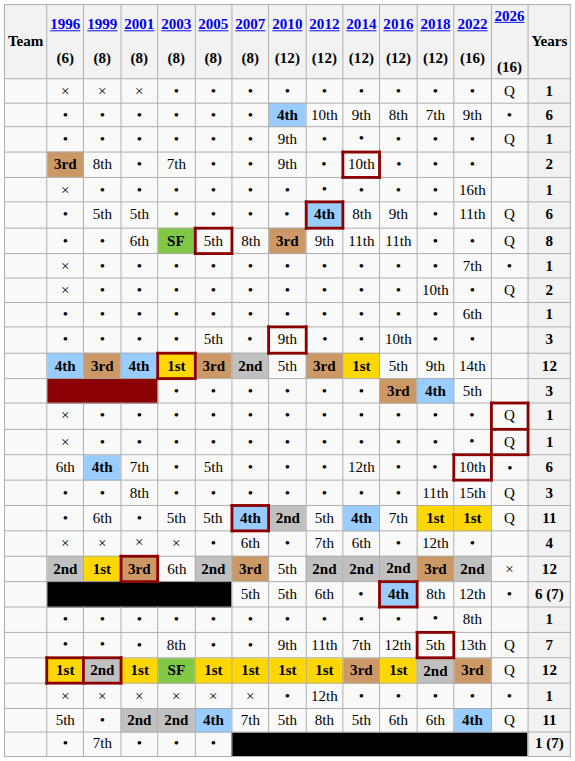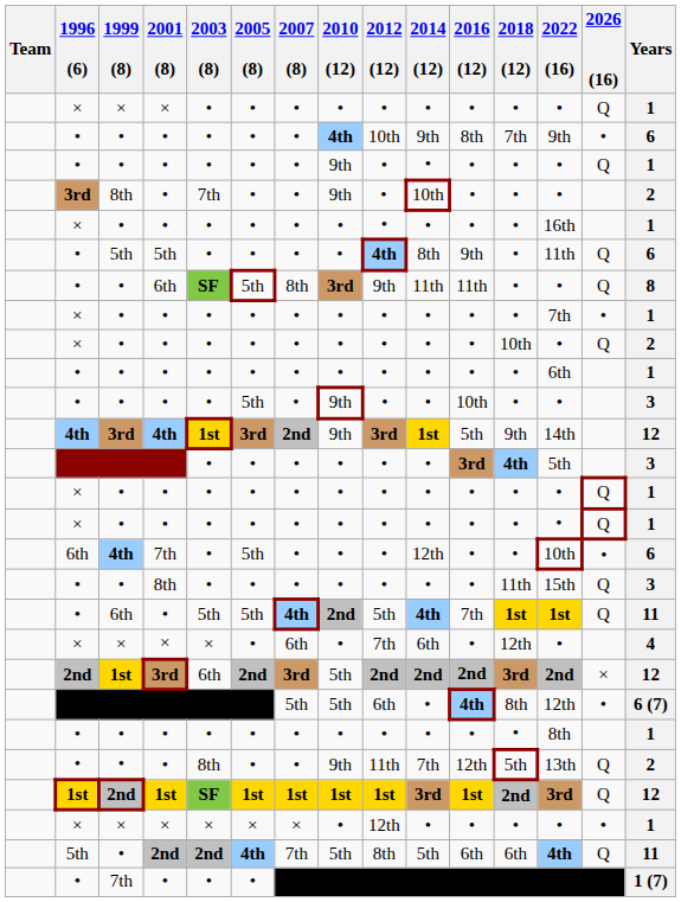 <table class="wikitable" style="text-align: center">
 <tr>
 <th>Team</th>
 <th><a href='#'>1996</a><br><br>(6)</th>
 <th><a href='#'>1999</a><br><br>(8)</th>
 <th><a href='#'>2001</a><br><br>(8)</th>
 <th><a href='#'>2003</a><br><br>(8)</th>
 <th><a href='#'>2005</a><br><br>(8)</th>
 <th><a href='#'>2007</a><br><br>(8)</th>
 <th><a href='#'>2010</a><br><br>(12)</th>
 <th><a href='#'>2012</a><br><br>(12)</th>
 <th><a href='#'>2014</a><br><br>(12)</th>
 <th><a href='#'>2016</a><br><br>(12)</th>
 <th><a href='#'>2018</a><br><br>(12)</th>
 <th><a href='#'>2022</a><br><br>(16)</th>
 <th><a href='#'>2026</a><br><br><br>(16)</th>
 <th>Years</th>
 </tr>
 <tr>
 <td align=left></td>
 <td>×</td>
 <td>×</td>
 <td>×</td>
 <td>•</td>
 <td>•</td>
 <td>•</td>
 <td>•</td>
 <td>•</td>
 <td>•</td>
 <td>•</td>
 <td>•</td>
 <td>•</td>
 <td>Q</td>
 <th>1</th>
 </tr>
 <tr>
 <td align=left></td>
 <td>•</td>
 <td>•</td>
 <td>•</td>
 <td>•</td>
 <td>•</td>
 <td>•</td>
 <td bgcolor=#9acdff><strong>4th</strong></td>
 <td>10th</td>
 <td>9th</td>
 <td>8th</td>
 <td>7th</td>
 <td>9th</td>
 <td>•</td>
 <th>6</th>
 </tr>
 <tr>
 <td align=left></td>
 <td>•</td>
 <td>•</td>
 <td>•</td>
 <td>•</td>
 <td>•</td>
 <td>•</td>
 <td>9th</td>
 <td>•</td>
 <td>•</td>
 <td>•</td>
 <td>•</td>
 <td>•</td>
 <td>Q</td>
 <th>1</th>
 </tr>
 <tr>
 <td align=left></td>
 <td bgcolor=#cc9966><strong>3rd</strong></td>
 <td>8th</td>
 <td>•</td>
 <td>7th</td>
 <td>•</td>
 <td>•</td>
 <td>9th</td>
 <td>•</td>
 <td style="border:3px solid darkred">10th</td>
 <td>•</td>
 <td>•</td>
 <td>•</td>
 <td></td>
 <th>2</th>
 </tr>
 <tr>
 <td align=left></td>
 <td>×</td>
 <td>•</td>
 <td>•</td>
 <td>•</td>
 <td>•</td>
 <td>•</td>
 <td>•</td>
 <td>•</td>
 <td>•</td>
 <td>•</td>
 <td>•</td>
 <td>16th</td>
 <td></td>
 <th>1</th>
 </tr>
 <tr>
 <td align=left></td>
 <td>•</td>
 <td>5th</td>
 <td>5th</td>
 <td>•</td>
 <td>•</td>
 <td>•</td>
 <td>•</td>
 <td bgcolor=#9acdff style="border:3px solid darkred"><strong>4th</strong></td>
 <td>8th</td>
 <td>9th</td>
 <td>•</td>
 <td>11th</td>
 <td>Q</td>
 <th>6</th>
 </tr>
 <tr>
 <td align=left></td>
 <td>•</td>
 <td>•</td>
 <td>6th</td>
 <td bgcolor=#81c846><strong>SF</strong></td>
 <td style="border:3px solid darkred">5th</td>
 <td>8th</td>
 <td bgcolor=#cc9966><strong>3rd</strong></td>
 <td>9th</td>
 <td>11th</td>
 <td>11th</td>
 <td>•</td>
 <td>•</td>
 <td>Q</td>
 <th>8</th>
 </tr>
 <tr>
 <td align=left></td>
 <td>×</td>
 <td>•</td>
 <td>•</td>
 <td>•</td>
 <td>•</td>
 <td>•</td>
 <td>•</td>
 <td>•</td>
 <td>•</td>
 <td>•</td>
 <td>•</td>
 <td>7th</td>
 <td>•</td>
 <th>1</th>
 </tr>
 <tr>
 <td align=left></td>
 <td>×</td>
 <td>•</td>
 <td>•</td>
 <td>•</td>
 <td>•</td>
 <td>•</td>
 <td>•</td>
 <td>•</td>
 <td>•</td>
 <td>•</td>
 <td>10th</td>
 <td>•</td>
 <td>Q</td>
 <th>2</th>
 </tr>
 <tr>
 <td align=left></td>
 <td>•</td>
 <td>•</td>
 <td>•</td>
 <td>•</td>
 <td>•</td>
 <td>•</td>
 <td>•</td>
 <td>•</td>
 <td>•</td>
 <td>•</td>
 <td>•</td>
 <td>6th</td>
 <td></td>
 <th>1</th>
 </tr>
 <tr>
 <td align=left></td>
 <td>•</td>
 <td>•</td>
 <td>•</td>
 <td>•</td>
 <td>5th</td>
 <td>•</td>
 <td style="border:3px solid darkred">9th</td>
 <td>•</td>
 <td>•</td>
 <td>10th</td>
 <td>•</td>
 <td>•</td>
 <td></td>
 <th>3</th>
 </tr>
 <tr>
 <td align=left></td>
 <td bgcolor=#9acdff><strong>4th</strong></td>
 <td bgcolor=#cc9966><strong>3rd</strong></td>
 <td bgcolor=#9acdff><strong>4th</strong></td>
 <td bgcolor=Gold style="border:3px solid darkred"><strong>1st</strong></td>
 <td bgcolor=#cc9966><strong>3rd</strong></td>
 <td bgcolor=Silver><strong>2nd</strong></td>
-<td>5th</td>
+<td>9th</td>
 <td bgcolor=#cc9966><strong>3rd</strong></td>
 <td bgcolor=Gold><strong>1st</strong></td>
 <td>5th</td>
 <td>9th</td>
 <td>14th</td>
 <td></td>
 <th>12</th>
 </tr>
 <tr>
 <td align=left></td>
 <td colspan=3 style="background-color:darkred;"></td>
 <td>•</td>
 <td>•</td>
 <td>•</td>
 <td>•</td>
 <td>•</td>
 <td>•</td>
 <td bgcolor=#cc9966><strong>3rd</strong></td>
 <td bgcolor=#9acdff><strong>4th</strong></td>
 <td>5th</td>
 <td></td>
 <th>3</th>
 </tr>
 <tr>
 <td align=left></td>
 <td>×</td>
 <td>•</td>
 <td>•</td>
 <td>•</td>
 <td>•</td>
 <td>•</td>
 <td>•</td>
 <td>•</td>
 <td>•</td>
 <td>•</td>
 <td>•</td>
 <td>•</td>
 <td style="border:3px solid darkred">Q</td>
 <th>1</th>
 </tr>
 <tr>
 <td align=left></td>
 <td>×</td>
 <td>•</td>
 <td>•</td>
 <td>•</td>
 <td>•</td>
 <td>•</td>
 <td>•</td>
 <td>•</td>
 <td>•</td>
 <td>•</td>
 <td>•</td>
 <td>•</td>
 <td style="border:3px solid darkred">Q</td>
 <th>1</th>
 </tr>
 <tr>
 <td align=left></td>
 <td>6th</td>
 <td bgcolor=#9acdff><strong>4th</strong></td>
 <td>7th</td>
 <td>•</td>
 <td>5th</td>
 <td>•</td>
 <td>•</td>
 <td>•</td>
 <td>12th</td>
 <td>•</td>
 <td>•</td>
 <td style="border:3px solid darkred">10th</td>
 <td>•</td>
 <th>6</th>
 </tr>
 <tr>
 <td align=left></td>
 <td>•</td>
 <td>•</td>
 <td>8th</td>
 <td>•</td>
 <td>•</td>
 <td>•</td>
 <td>•</td>
 <td>•</td>
 <td>•</td>
 <td>•</td>
 <td>11th</td>
 <td>15th</td>
 <td>Q</td>
 <th>3</th>
 </tr>
 <tr>
 <td align=left></td>
 <td>•</td>
 <td>6th</td>
 <td>•</td>
 <td>5th</td>
 <td>5th</td>
 <td bgcolor=#9acdff style="border:3px solid darkred"><strong>4th</strong></td>
 <td bgcolor=Silver><strong>2nd</strong></td>
 <td>5th</td>
 <td bgcolor=#9acdff><strong>4th</strong></td>
 <td>7th</td>
 <td bgcolor=Gold><strong>1st</strong></td>
 <td bgcolor=Gold><strong>1st</strong></td>
 <td>Q</td>
 <th>11</th>
 </tr>
 <tr>
 <td align=left></td>
 <td>×</td>
 <td>×</td>
 <td>×</td>
 <td>×</td>
 <td>•</td>
 <td>6th</td>
 <td>•</td>
 <td>7th</td>
 <td>6th</td>
 <td>•</td>
 <td>12th</td>
 <td>•</td>
 <td></td>
 <th>4</th>
 </tr>
 <tr>
 <td align=left></td>
 <td bgcolor=Silver><strong>2nd</strong></td>
 <td bgcolor=Gold><strong>1st</strong></td>
 <td bgcolor=#cc9966 style="border:3px solid darkred"><strong>3rd</strong></td>
 <td>6th</td>
 <td bgcolor=Silver><strong>2nd</strong></td>
 <td bgcolor=#cc9966><strong>3rd</strong></td>
 <td>5th</td>
 <td bgcolor=Silver><strong>2nd</strong></td>
 <td bgcolor=Silver><strong>2nd</strong></td>
 <td bgcolor=Silver><strong>2nd</strong></td>
 <td bgcolor=#cc9966><strong>3rd</strong></td>
 <td bgcolor=Silver><strong>2nd</strong></td>
 <td>×</td>
 <th>12</th>
 </tr>
 <tr>
 <td align=left></td>
 <td colspan=5 style="background-color:black;"></td>
 <td>5th</td>
 <td>5th</td>
 <td>6th</td>
 <td>•</td>
 <td bgcolor=#9acdff style="border:3px solid darkred"><strong>4th</strong></td>
 <td>8th</td>
 <td>12th</td>
 <td>•</td>
 <th>6 (7)</th>
 </tr>
 <tr>
 <td align=left></td>
 <td>•</td>
 <td>•</td>
 <td>•</td>
 <td>•</td>
 <td>•</td>
 <td>•</td>
 <td>•</td>
 <td>•</td>
 <td>•</td>
 <td>•</td>
 <td>•</td>
 <td>8th</td>
 <td></td>
 <th>1</th>
 </tr>
 <tr>
 <td align=left></td>
 <td>•</td>
 <td>•</td>
 <td>•</td>
 <td>8th</td>
 <td>•</td>
 <td>•</td>
 <td>9th</td>
 <td>11th</td>
 <td>7th</td>
 <td>12th</td>
 <td style="border:3px solid darkred">5th</td>
 <td>13th</td>
 <td>Q</td>
-<th>7</th>
+<th>2</th>
 </tr>
 <tr>
 <td align=left></td>
 <td bgcolor=Gold style="border:3px solid darkred"><strong>1st</strong></td>
 <td bgcolor=Silver style="border:3px solid darkred"><strong>2nd</strong></td>
 <td bgcolor=Gold><strong>1st</strong></td>
 <td bgcolor=#81c846><strong>SF</strong></td>
 <td bgcolor=Gold><strong>1st</strong></td>
 <td bgcolor=Gold><strong>1st</strong></td>
 <td bgcolor=Gold><strong>1st</strong></td>
 <td bgcolor=Gold><strong>1st</strong></td>
 <td bgcolor=#cc9966><strong>3rd</strong></td>
 <td bgcolor=Gold><strong>1st</strong></td>
 <td bgcolor=Silver><strong>2nd</strong></td>
 <td bgcolor=#cc9966><strong>3rd</strong></td>
 <td>Q</td>
 <th>12</th>
 </tr>
 <tr>
 <td align=left></td>
 <td>×</td>
 <td>×</td>
 <td>×</td>
 <td>×</td>
 <td>×</td>
 <td>×</td>
 <td>•</td>
 <td>12th</td>
 <td>•</td>
 <td>•</td>
 <td>•</td>
 <td>•</td>
 <td>•</td>
 <th>1</th>
 </tr>
 <tr>
 <td align=left></td>
 <td>5th</td>
 <td>•</td>
 <td bgcolor=Silver><strong>2nd</strong></td>
 <td bgcolor=Silver><strong>2nd</strong></td>
 <td bgcolor=#9acdff><strong>4th</strong></td>
 <td>7th</td>
 <td>5th</td>
 <td>8th</td>
 <td>5th</td>
 <td>6th</td>
 <td>6th</td>
 <td bgcolor=#9acdff><strong>4th</strong></td>
 <td>Q</td>
 <th>11</th>
 </tr>
 <tr>
 <td align=left></td>
 <td>•</td>
 <td>7th</td>
 <td>•</td>
 <td>•</td>
 <td>•</td>
 <td colspan=8 style="background-color:black;"></td>
 <th>1 (7)</th>
 </tr>
 </table>
